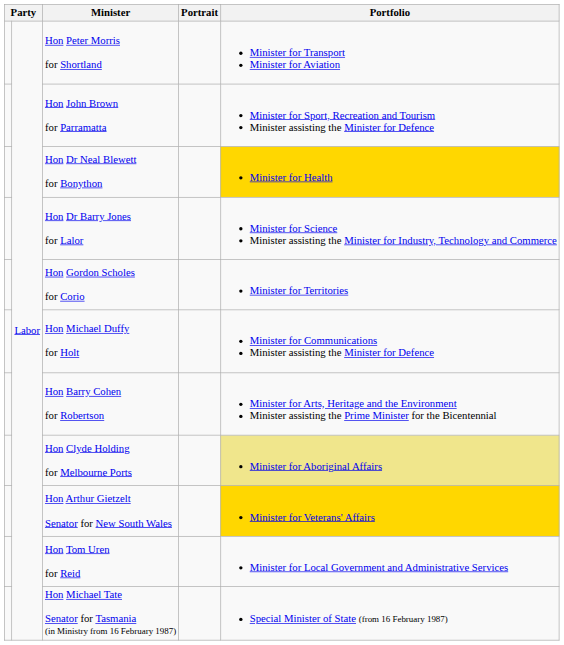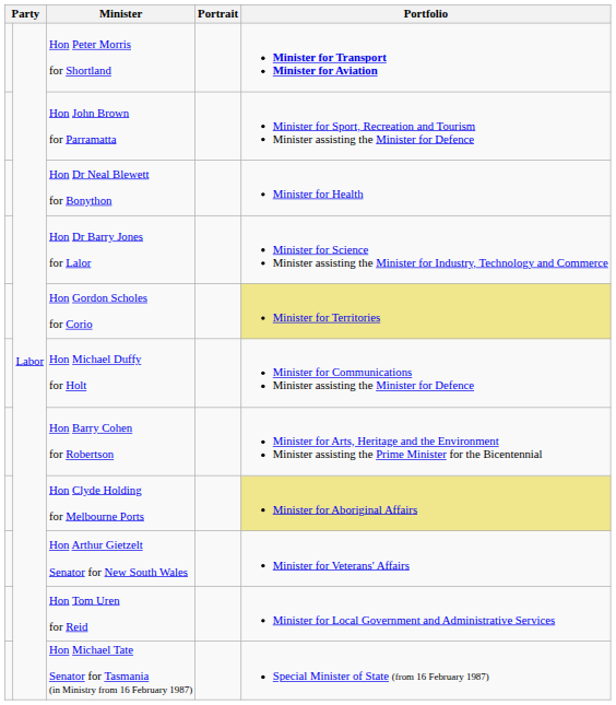 <table class="wikitable sortable">
 <tr>
 <th colspan="2">Party</th>
 <th>Minister</th>
 <th>Portrait</th>
 <th>Portfolio</th>
 </tr>
 <tr>
 <td> </td>
 <td rowspan=11><a href='#'>Labor</a></td>
 <td><a href='#'>Hon</a> <a href='#'>Peter Morris</a> <br><br> for <a href='#'>Shortland</a> <br></td>
 <td></td>
-<td><br><ul><li><a href='#'>Minister for Transport</a></li><li><a href='#'>Minister for Aviation</a></li></ul></td>
+<td><strong><br><ul><li><a href='#'>Minister for Transport</a></li><li><a href='#'>Minister for Aviation</a></li></ul></strong></td>
 </tr>
 <tr>
 <td> </td>
 <td><a href='#'>Hon</a> <a href='#'>John Brown</a> <br><br> for <a href='#'>Parramatta</a> <br></td>
 <td></td>
 <td><br><ul><li><a href='#'>Minister for Sport, Recreation and Tourism</a></li><li>Minister assisting the <a href='#'>Minister for Defence</a></li></ul></td>
 </tr>
 <tr>
 <td> </td>
 <td><a href='#'>Hon</a> <a href='#'>Dr Neal Blewett</a> <br><br> for <a href='#'>Bonython</a> <br></td>
 <td></td>
-<td style="background: gold;"><br><ul><li><a href='#'>Minister for Health</a></li></ul></td>
+<td><br><ul><li><a href='#'>Minister for Health</a></li></ul></td>
 </tr>
 <tr>
 <td> </td>
 <td><a href='#'>Hon</a> <a href='#'>Dr Barry Jones</a> <br><br> for <a href='#'>Lalor</a> <br></td>
 <td></td>
 <td><br><ul><li><a href='#'>Minister for Science</a></li><li>Minister assisting the <a href='#'>Minister for Industry, Technology and Commerce</a></li></ul></td>
 </tr>
 <tr>
 <td> </td>
 <td><a href='#'>Hon</a> <a href='#'>Gordon Scholes</a> <br><br> for <a href='#'>Corio</a> <br></td>
 <td></td>
-<td><br><ul><li><a href='#'>Minister for Territories</a></li></ul></td>
+<td style="background: khaki;"><br><ul><li><a href='#'>Minister for Territories</a></li></ul></td>
 </tr>
 <tr>
 <td> </td>
 <td><a href='#'>Hon</a> <a href='#'>Michael Duffy</a> <br><br> for <a href='#'>Holt</a> <br></td>
 <td></td>
 <td><br><ul><li><a href='#'>Minister for Communications</a></li><li>Minister assisting the <a href='#'>Minister for Defence</a></li></ul></td>
 </tr>
 <tr>
 <td> </td>
 <td><a href='#'>Hon</a> <a href='#'>Barry Cohen</a> <br><br> for <a href='#'>Robertson</a> <br></td>
 <td></td>
 <td><br><ul><li><a href='#'>Minister for Arts, Heritage and the Environment</a></li><li>Minister assisting the <a href='#'>Prime Minister</a> for the Bicentennial</li></ul></td>
 </tr>
 <tr>
 <td> </td>
 <td><a href='#'>Hon</a> <a href='#'>Clyde Holding</a> <br><br> for <a href='#'>Melbourne Ports</a> <br></td>
 <td></td>
 <td style="background: khaki;"><br><ul><li><a href='#'>Minister for Aboriginal Affairs</a></li></ul></td>
 </tr>
 <tr>
 <td> </td>
 <td><a href='#'>Hon</a> <a href='#'>Arthur Gietzelt</a> <br><br><a href='#'>Senator</a> for <a href='#'>New South Wales</a> <br></td>
 <td></td>
-<td style="background: gold;"><br><ul><li><a href='#'>Minister for Veterans' Affairs</a></li></ul></td>
+<td><br><ul><li><a href='#'>Minister for Veterans' Affairs</a></li></ul></td>
 </tr>
 <tr>
 <td> </td>
 <td><a href='#'>Hon</a> <a href='#'>Tom Uren</a> <br><br> for <a href='#'>Reid</a> <br></td>
 <td></td>
 <td><br><ul><li><a href='#'>Minister for Local Government and Administrative Services</a></li></ul></td>
 </tr>
 <tr>
 <td> </td>
 <td><a href='#'>Hon</a> <a href='#'>Michael Tate</a> <br><br><a href='#'>Senator</a> for <a href='#'>Tasmania</a> <br> <small>(in Ministry from 16 February 1987)</small></td>
 <td></td>
 <td><br><ul><li><a href='#'>Special Minister of State</a> <small>(from 16 February 1987)</small></li></ul></td>
 </tr>
 </table>
